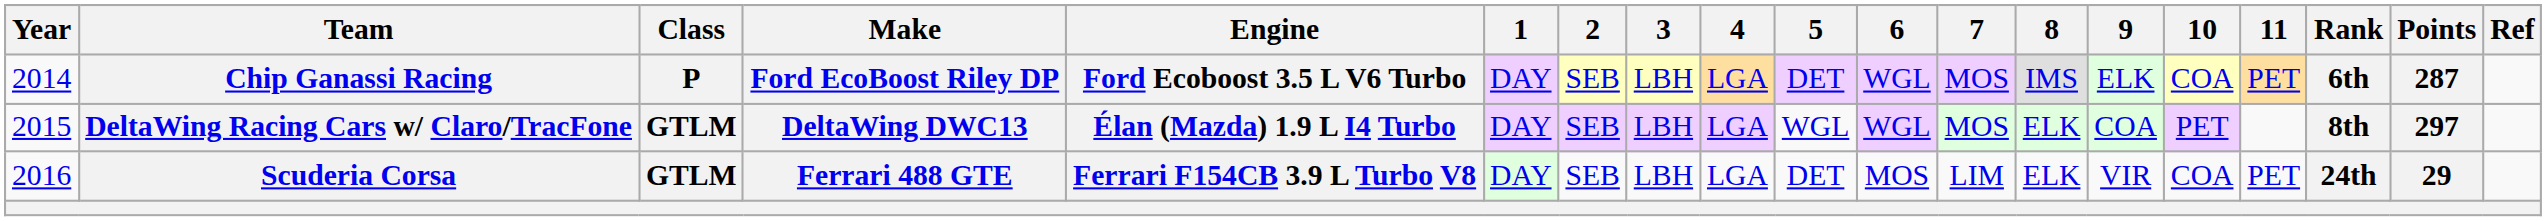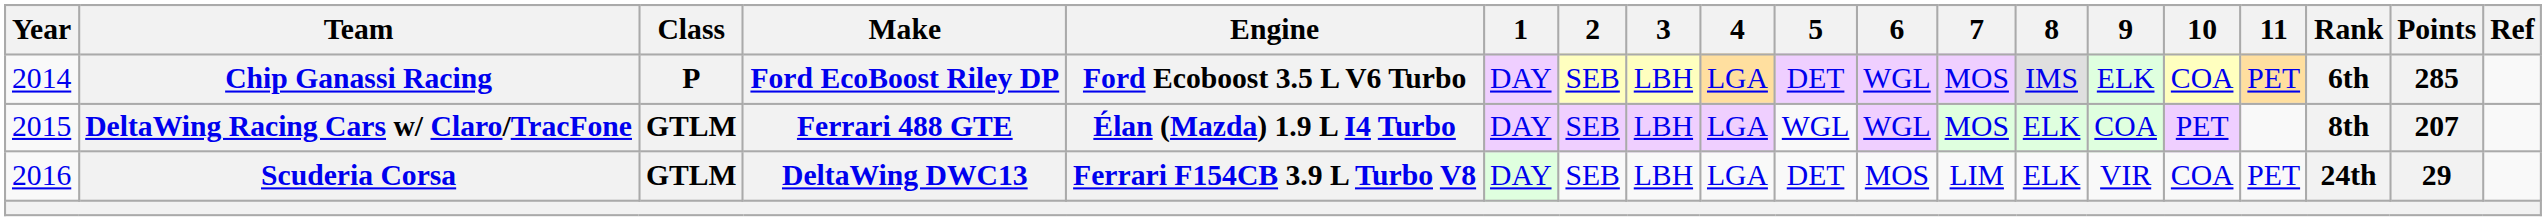 <table class="wikitable" style="text-align:center; font-size:90%">
 <tr>
 <th>Year</th>
 <th>Team</th>
 <th>Class</th>
 <th>Make</th>
 <th>Engine</th>
 <th>1</th>
 <th>2</th>
 <th>3</th>
 <th>4</th>
 <th>5</th>
 <th>6</th>
 <th>7</th>
 <th>8</th>
 <th>9</th>
 <th>10</th>
 <th>11</th>
 <th>Rank</th>
 <th>Points</th>
 <th>Ref</th>
 </tr>
 <tr>
 <td><a href='#'>2014</a></td>
 <th><a href='#'>Chip Ganassi Racing</a></th>
 <th>P</th>
 <th><a href='#'>Ford EcoBoost Riley DP</a></th>
 <th><a href='#'>Ford</a> Ecoboost 3.5 L V6 Turbo</th>
 <td style="background:#efcfff;"><a href='#'>DAY</a><br></td>
 <td style="background:#ffffbf;"><a href='#'>SEB</a><br></td>
 <td style="background:#ffffbf;"><a href='#'>LBH</a><br></td>
 <td style="background:#ffdf9f;"><a href='#'>LGA</a><br></td>
 <td style="background:#efcfff;"><a href='#'>DET</a><br></td>
 <td style="background:#efcfff;"><a href='#'>WGL</a><br></td>
 <td style="background:#efcfff;"><a href='#'>MOS</a><br></td>
 <td style="background:#dfdfdf;"><a href='#'>IMS</a><br></td>
 <td style="background:#dfffdf;"><a href='#'>ELK</a><br></td>
 <td style="background:#ffffbf;"><a href='#'>COA</a><br></td>
 <td style="background:#ffdf9f;"><a href='#'>PET</a><br></td>
 <th>6th</th>
-<th>287</th>
+<th>285</th>
 <td></td>
 </tr>
 <tr>
 <td><a href='#'>2015</a></td>
 <th><a href='#'>DeltaWing Racing Cars</a> w/ <a href='#'>Claro</a>/<a href='#'>TracFone</a></th>
 <th>GTLM</th>
-<th><a href='#'>DeltaWing DWC13</a></th>
+<th><a href='#'>Ferrari 488 GTE</a></th>
 <th><a href='#'>Élan</a> (<a href='#'>Mazda</a>) 1.9 L <a href='#'>I4</a> <a href='#'>Turbo</a></th>
 <td style="background:#EFCFFF;"><a href='#'>DAY</a><br></td>
 <td style="background:#EFCFFF;"><a href='#'>SEB</a><br></td>
 <td style="background:#EFCFFF;"><a href='#'>LBH</a><br></td>
 <td style="background:#EFCFFF;"><a href='#'>LGA</a><br></td>
 <td><a href='#'>WGL</a></td>
 <td style="background:#EFCFFF;"><a href='#'>WGL</a><br></td>
 <td style="background:#DFFFDF;"><a href='#'>MOS</a><br></td>
 <td style="background:#DFFFDF;"><a href='#'>ELK</a><br></td>
 <td style="background:#DFFFDF;"><a href='#'>COA</a><br></td>
 <td style="background:#EFCFFF;"><a href='#'>PET</a><br></td>
 <td></td>
 <th>8th</th>
-<th>297</th>
+<th>207</th>
 <td></td>
 </tr>
 <tr>
 <td><a href='#'>2016</a></td>
 <th><a href='#'>Scuderia Corsa</a></th>
 <th>GTLM</th>
-<th><a href='#'>Ferrari 488 GTE</a></th>
+<th><a href='#'>DeltaWing DWC13</a></th>
 <th><a href='#'>Ferrari F154CB</a> 3.9 L <a href='#'>Turbo</a> <a href='#'>V8</a></th>
 <td style="background:#DFFFDF;"><a href='#'>DAY</a><br></td>
 <td><a href='#'>SEB</a></td>
 <td><a href='#'>LBH</a></td>
 <td><a href='#'>LGA</a></td>
 <td><a href='#'>DET</a></td>
 <td><a href='#'>MOS</a></td>
 <td><a href='#'>LIM</a></td>
 <td><a href='#'>ELK</a></td>
 <td><a href='#'>VIR</a></td>
 <td><a href='#'>COA</a></td>
 <td><a href='#'>PET</a></td>
 <th>24th</th>
 <th>29</th>
 <td></td>
 </tr>
 <tr>
 <th colspan="19"></th>
 </tr>
 </table>
